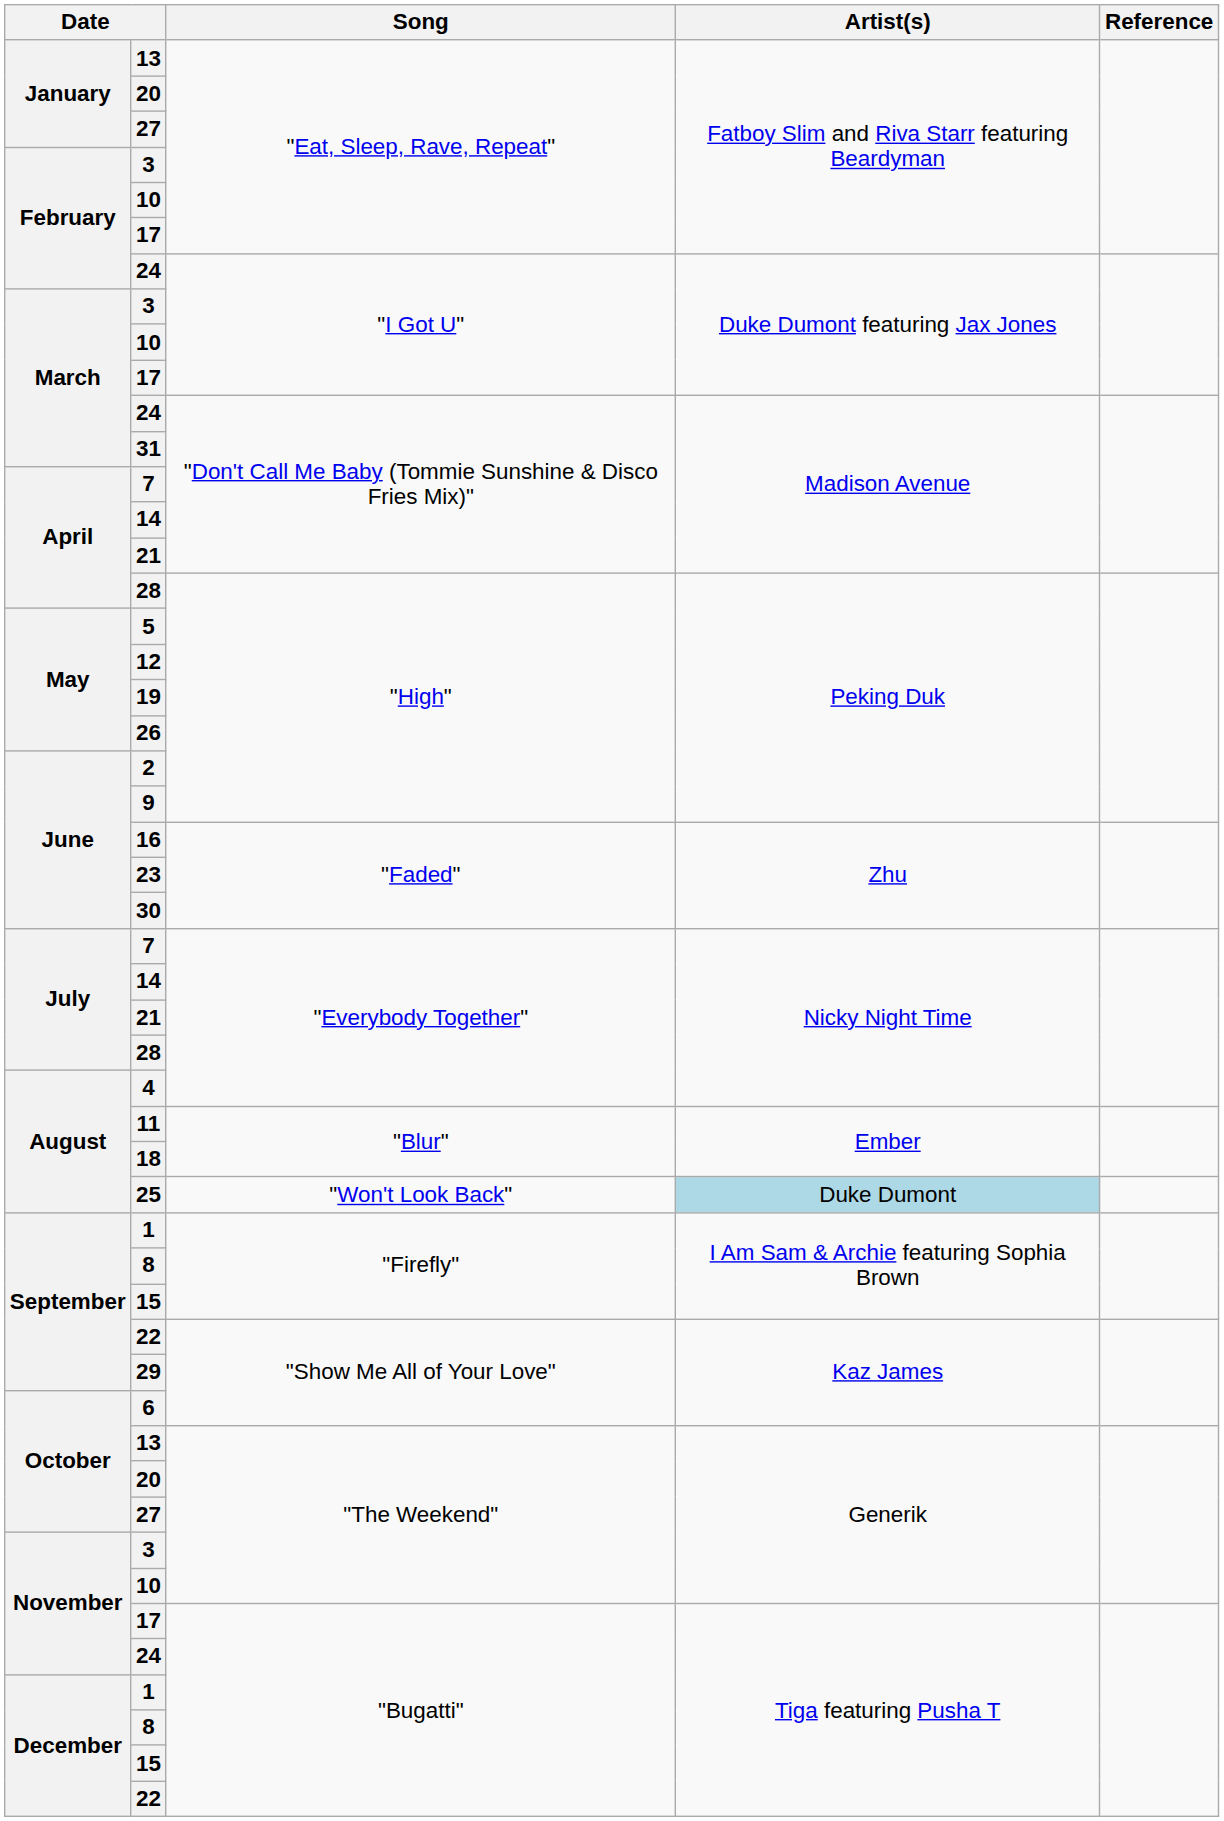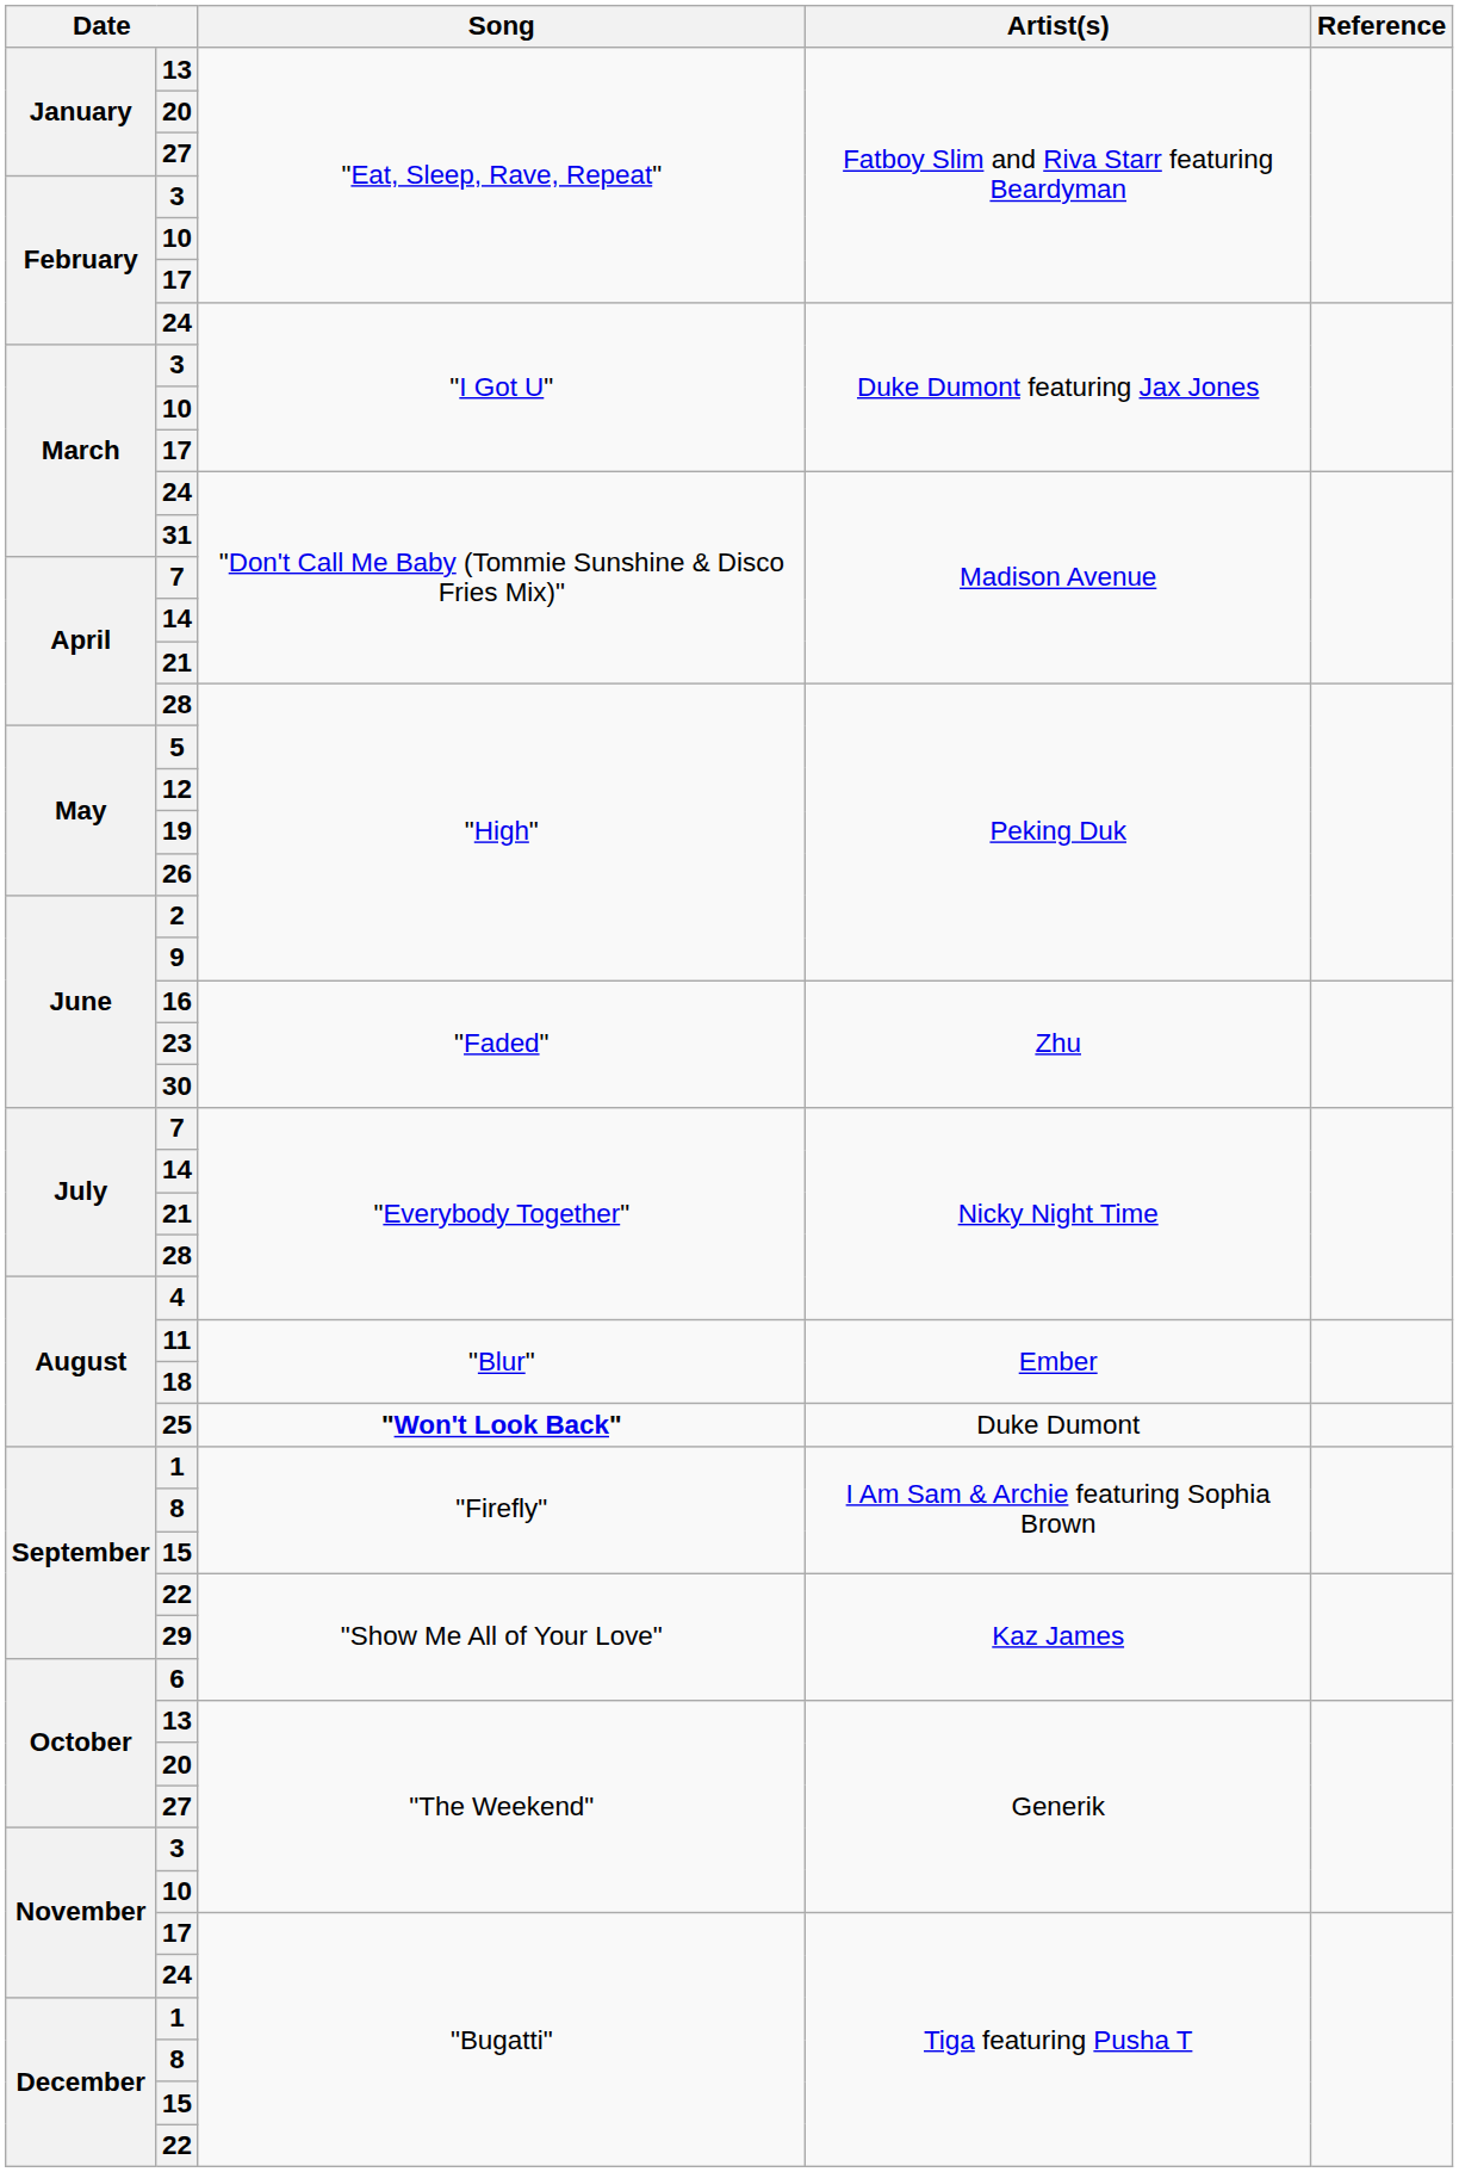 <table class="wikitable">
 <tr>
 <th colspan="2">Date</th>
 <th>Song</th>
 <th>Artist(s)</th>
 <th>Reference</th>
 </tr>
 <tr>
 <th rowspan="3">January</th>
 <th>13</th>
 <td rowspan="6" align="center">"<a href='#'>Eat, Sleep, Rave, Repeat</a>"</td>
 <td rowspan="6" align="center"><a href='#'>Fatboy Slim</a> and <a href='#'>Riva Starr</a> featuring <a href='#'>Beardyman</a></td>
 <td rowspan="6" align="center"></td>
 </tr>
 <tr>
 <th>20</th>
 </tr>
 <tr>
 <th>27</th>
 </tr>
 <tr>
 <th rowspan="4">February</th>
 <th>3</th>
 </tr>
 <tr>
 <th>10</th>
 </tr>
 <tr>
 <th>17</th>
 </tr>
 <tr>
 <th>24</th>
 <td rowspan="4" align="center">"<a href='#'>I Got U</a>"</td>
 <td rowspan="4" align="center"><a href='#'>Duke Dumont</a> featuring <a href='#'>Jax Jones</a></td>
 <td rowspan="4" align="center"></td>
 </tr>
 <tr>
 <th rowspan="5">March</th>
 <th>3</th>
 </tr>
 <tr>
 <th>10</th>
 </tr>
 <tr>
 <th>17</th>
 </tr>
 <tr>
 <th>24</th>
 <td rowspan="5" align="center">"<a href='#'>Don't Call Me Baby</a> (Tommie Sunshine & Disco Fries Mix)"</td>
 <td rowspan="5" align="center"><a href='#'>Madison Avenue</a></td>
 <td rowspan="5" align="center"></td>
 </tr>
 <tr>
 <th>31</th>
 </tr>
 <tr>
 <th rowspan="4">April</th>
 <th>7</th>
 </tr>
 <tr>
 <th>14</th>
 </tr>
 <tr>
 <th>21</th>
 </tr>
 <tr>
 <th>28</th>
 <td rowspan="7" align="center">"<a href='#'>High</a>"</td>
 <td rowspan="7" align="center"><a href='#'>Peking Duk</a></td>
 <td rowspan="7" align="center"></td>
 </tr>
 <tr>
 <th rowspan="4">May</th>
 <th>5</th>
 </tr>
 <tr>
 <th>12</th>
 </tr>
 <tr>
 <th>19</th>
 </tr>
 <tr>
 <th>26</th>
 </tr>
 <tr>
 <th rowspan="5">June</th>
 <th>2</th>
 </tr>
 <tr>
 <th>9</th>
 </tr>
 <tr>
 <th>16</th>
 <td rowspan="3" align="center">"<a href='#'>Faded</a>"</td>
 <td rowspan="3" align="center"><a href='#'>Zhu</a></td>
 <td rowspan="3" align="center"></td>
 </tr>
 <tr>
 <th>23</th>
 </tr>
 <tr>
 <th>30</th>
 </tr>
 <tr>
 <th rowspan="4">July</th>
 <th>7</th>
 <td rowspan="5" align="center">"<a href='#'>Everybody Together</a>"</td>
 <td rowspan="5" align="center"><a href='#'>Nicky Night Time</a></td>
 <td rowspan="5" align="center"></td>
 </tr>
 <tr>
 <th>14</th>
 </tr>
 <tr>
 <th>21</th>
 </tr>
 <tr>
 <th>28</th>
 </tr>
 <tr>
 <th rowspan="4">August</th>
 <th>4</th>
 </tr>
 <tr>
 <th>11</th>
 <td rowspan="2" align="center">"<a href='#'>Blur</a>"</td>
 <td rowspan="2" align="center"><a href='#'>Ember</a></td>
 <td rowspan="2" align="center"></td>
 </tr>
 <tr>
 <th>18</th>
 </tr>
 <tr>
 <th>25</th>
-<td align="center">"<a href='#'>Won't Look Back</a>"</td>
-<td align="center" style="background: lightblue;">Duke Dumont</td>
+<td align="center"><strong>"<a href='#'>Won't Look Back</a>"</strong></td>
+<td align="center">Duke Dumont</td>
 <td align="center"></td>
 </tr>
 <tr>
 <th rowspan="5">September</th>
 <th>1</th>
 <td rowspan="3" align="center">"Firefly"</td>
 <td rowspan="3" align="center"><a href='#'>I Am Sam & Archie</a> featuring Sophia Brown</td>
 <td rowspan="3" align="center"></td>
 </tr>
 <tr>
 <th>8</th>
 </tr>
 <tr>
 <th>15</th>
 </tr>
 <tr>
 <th>22</th>
 <td rowspan="3" align="center">"Show Me All of Your Love"</td>
 <td rowspan="3" align="center"><a href='#'>Kaz James</a></td>
 <td rowspan="3" align="center"></td>
 </tr>
 <tr>
 <th>29</th>
 </tr>
 <tr>
 <th rowspan="4">October</th>
 <th>6</th>
 </tr>
 <tr>
 <th>13</th>
 <td rowspan="5" align="center">"The Weekend"</td>
 <td rowspan="5" align="center">Generik</td>
 <td rowspan="5" align="center"></td>
 </tr>
 <tr>
 <th>20</th>
 </tr>
 <tr>
 <th>27</th>
 </tr>
 <tr>
 <th rowspan="4">November</th>
 <th>3</th>
 </tr>
 <tr>
 <th>10</th>
 </tr>
 <tr>
 <th>17</th>
 <td rowspan="6" align="center">"Bugatti"</td>
 <td rowspan="6" align="center"><a href='#'>Tiga</a> featuring <a href='#'>Pusha T</a></td>
 <td rowspan="6" align="center"></td>
 </tr>
 <tr>
 <th>24</th>
 </tr>
 <tr>
 <th rowspan="5">December</th>
 <th>1</th>
 </tr>
 <tr>
 <th>8</th>
 </tr>
 <tr>
 <th>15</th>
 </tr>
 <tr>
 <th>22</th>
 </tr>
 </table>
